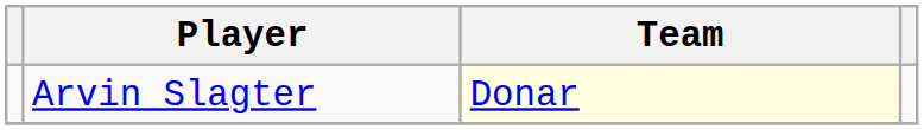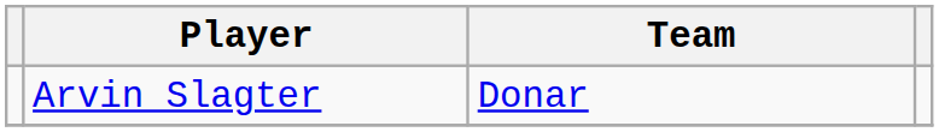 <table class="wikitable">
 <tr>
 <th></th>
 <th width=150>Player</th>
 <th width=150>Team</th>
 <th></th>
 </tr>
 <tr>
 <td></td>
 <td> <a href='#'>Arvin Slagter</a></td>
-<td style="background: lightyellow;"><a href='#'>Donar</a></td>
+<td><a href='#'>Donar</a></td>
 <td></td>
 </tr>
 <tr>
 </tr>
 </table>
